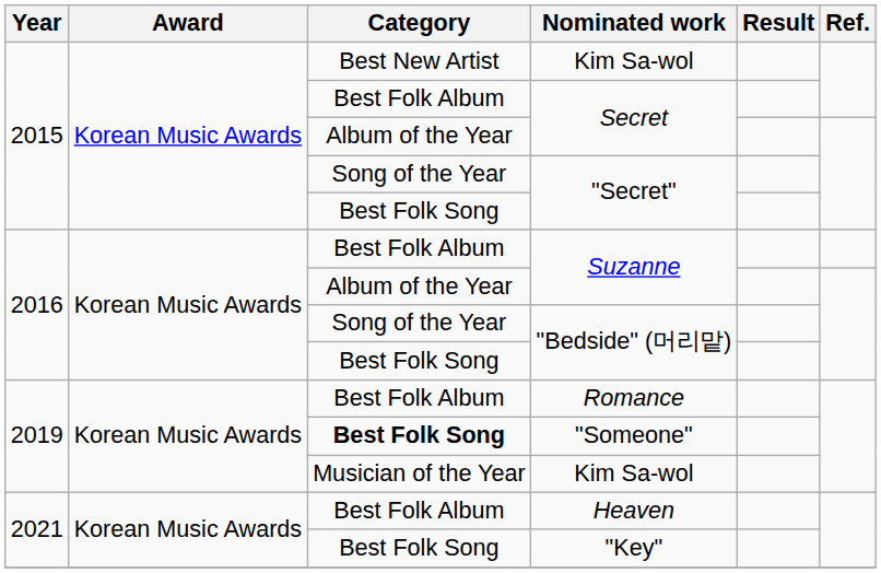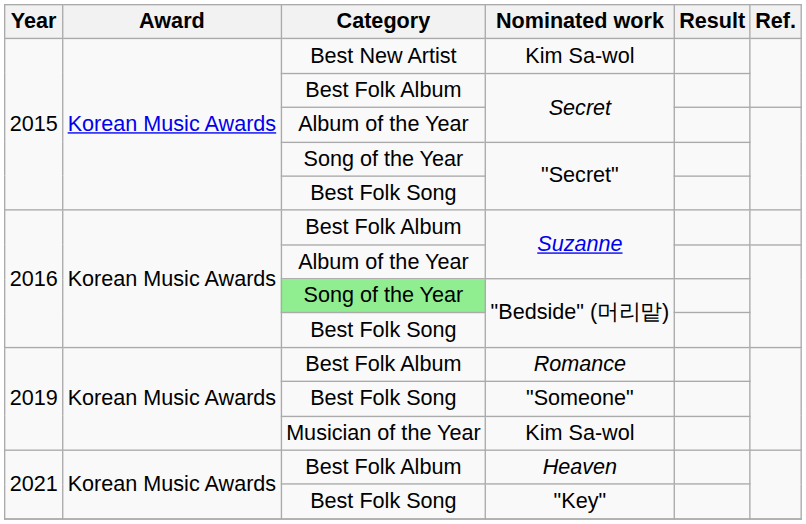 <table class="wikitable plainrowheaders" style="text-align:center;">
 <tr>
 <th>Year</th>
 <th>Award</th>
 <th>Category</th>
 <th>Nominated work</th>
 <th>Result</th>
 <th>Ref.</th>
 </tr>
 <tr>
 <td rowspan="5">2015</td>
 <td rowspan="5"><a href='#'>Korean Music Awards</a></td>
 <td>Best New Artist</td>
 <td>Kim Sa-wol </td>
 <td></td>
 <td rowspan="2"></td>
 </tr>
 <tr>
 <td>Best Folk Album</td>
 <td rowspan="2"><em>Secret</em> </td>
 <td></td>
 </tr>
 <tr>
 <td>Album of the Year</td>
 <td></td>
 <td rowspan="3"></td>
 </tr>
 <tr>
 <td>Song of the Year</td>
 <td rowspan="2">"Secret"</td>
 <td></td>
 </tr>
 <tr>
 <td>Best Folk Song</td>
 <td></td>
 </tr>
 <tr>
 <td rowspan="4">2016</td>
 <td rowspan="4">Korean Music Awards</td>
 <td>Best Folk Album</td>
 <td rowspan="2"><em><a href='#'>Suzanne</a></em></td>
 <td></td>
 <td></td>
 </tr>
 <tr>
 <td>Album of the Year</td>
 <td></td>
 <td rowspan="3"></td>
 </tr>
 <tr>
-<td>Song of the Year</td>
+<td style="background: lightgreen;">Song of the Year</td>
 <td rowspan="2">"Bedside" (머리맡)</td>
 <td></td>
 </tr>
 <tr>
 <td>Best Folk Song</td>
 <td></td>
 </tr>
 <tr>
 <td rowspan="3">2019</td>
 <td rowspan="3">Korean Music Awards</td>
 <td>Best Folk Album</td>
 <td><em>Romance</em></td>
 <td></td>
 <td rowspan="3"></td>
 </tr>
 <tr>
-<td><strong>Best Folk Song</strong></td>
+<td>Best Folk Song</td>
 <td>"Someone"</td>
 <td></td>
 </tr>
 <tr>
 <td>Musician of the Year</td>
 <td>Kim Sa-wol</td>
 <td></td>
 </tr>
 <tr>
 <td rowspan="2">2021</td>
 <td rowspan="2">Korean Music Awards</td>
 <td>Best Folk Album</td>
 <td><em>Heaven</em></td>
 <td></td>
 <td rowspan="2"></td>
 </tr>
 <tr>
 <td>Best Folk Song</td>
 <td>"Key"</td>
 <td></td>
 </tr>
 <tr>
 </tr>
 </table>
